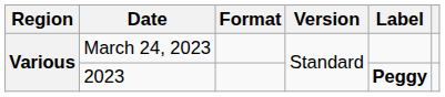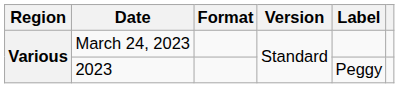 <table class="wikitable plainrowheaders">
 <tr>
 <th scope="col">Region</th>
 <th scope="col">Date</th>
 <th scope="col">Format</th>
 <th scope="col">Version</th>
 <th scope="col">Label</th>
 <th scope="col"></th>
 </tr>
 <tr>
 <th rowspan="2" scope="row">Various</th>
 <td>March 24, 2023</td>
 <td></td>
 <td rowspan="2">Standard</td>
 <td></td>
 <td align="center"></td>
 </tr>
 <tr>
 <td>2023</td>
 <td></td>
-<td><strong>Peggy</strong></td>
+<td>Peggy</td>
 <td align="center"></td>
 </tr>
 </table>
